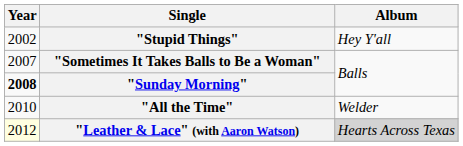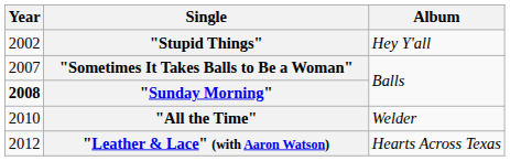 <table class="wikitable plainrowheaders" style="text-align:center;">
 <tr>
 <th>Year</th>
 <th style="width:20em;">Single</th>
 <th>Album</th>
 </tr>
 <tr>
 <td>2002</td>
 <th scope="row">"Stupid Things"</th>
 <td style="text-align:left;"><em>Hey Y'all</em></td>
 </tr>
 <tr>
 <td>2007</td>
 <th scope="row">"Sometimes It Takes Balls to Be a Woman"</th>
 <td style="text-align:left;" rowspan="2"><em>Balls</em></td>
 </tr>
 <tr>
 <td><strong>2008</strong></td>
 <th scope="row">"<a href='#'>Sunday Morning</a>"</th>
 </tr>
 <tr>
 <td>2010</td>
 <th scope="row">"All the Time"</th>
 <td style="text-align:left;"><em>Welder</em></td>
 </tr>
 <tr>
-<td style="background: lightyellow;">2012</td>
+<td>2012</td>
 <th scope="row">"<a href='#'>Leather & Lace</a>" <small>(with <a href='#'>Aaron Watson</a>)</small></th>
-<td style="background: lightgrey; text-align:left;"><em>Hearts Across Texas</em></td>
+<td style="text-align:left;"><em>Hearts Across Texas</em></td>
 </tr>
 </table>
